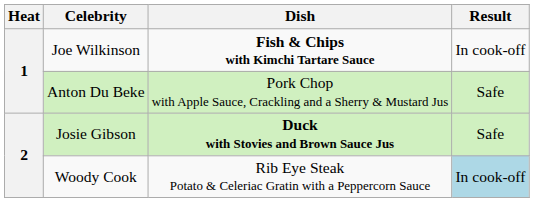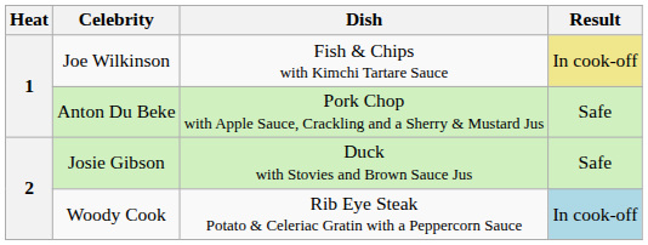 <table class="wikitable" style="text-align:center;">
 <tr>
 <th>Heat</th>
 <th>Celebrity</th>
 <th>Dish</th>
 <th>Result</th>
 </tr>
 <tr>
 <th rowspan="2">1</th>
 <td>Joe Wilkinson</td>
-<td><strong>Fish & Chips<br><small>with Kimchi Tartare Sauce</small></strong></td>
-<td>In cook-off</td>
+<td>Fish & Chips<br><small>with Kimchi Tartare Sauce</small></td>
+<td style="background: khaki;">In cook-off</td>
 </tr>
 <tr>
 <td style="background:#d0f0c0;">Anton Du Beke</td>
 <td style="background:#d0f0c0;">Pork Chop<br><small>with Apple Sauce, Crackling and a Sherry & Mustard Jus</small></td>
 <td style="background:#d0f0c0;">Safe</td>
 </tr>
 <tr>
 <th rowspan="2">2</th>
 <td style="background:#d0f0c0;">Josie Gibson</td>
-<td style="background:#d0f0c0;"><strong>Duck<br><small>with Stovies and Brown Sauce Jus</small></strong></td>
+<td style="background:#d0f0c0;">Duck<br><small>with Stovies and Brown Sauce Jus</small></td>
 <td style="background:#d0f0c0;">Safe</td>
 </tr>
 <tr>
 <td>Woody Cook</td>
 <td>Rib Eye Steak<br><small>Potato & Celeriac Gratin with a Peppercorn Sauce</small></td>
 <td style="background: lightblue;">In cook-off</td>
 </tr>
 </table>
